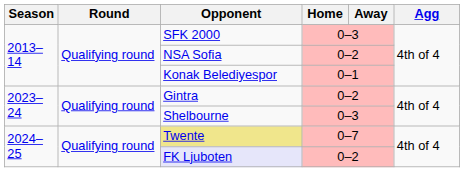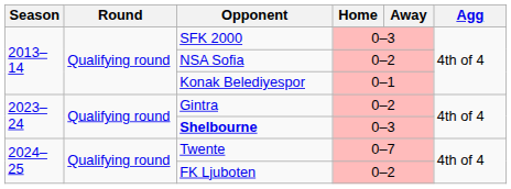 <table class="wikitable">
 <tr>
 <th width="60">Season</th>
 <th width="120">Round</th>
 <th width="170">Opponent</th>
 <th width="50">Home</th>
 <th width="50">Away</th>
 <th width="75"><a href='#'>Agg</a></th>
 </tr>
 <tr>
 <td rowspan=3><a href='#'>2013–14</a></td>
 <td rowspan="3"><a href='#'>Qualifying round</a></td>
 <td> <a href='#'>SFK 2000</a></td>
 <td colspan="2" bgcolor="#ffbbbb" style="text-align:center;">0–3</td>
 <td rowspan="3">4th of 4</td>
 </tr>
 <tr>
 <td> <a href='#'>NSA Sofia</a></td>
 <td colspan="2" bgcolor="#ffbbbb" style="text-align:center;">0–2</td>
 </tr>
 <tr>
 <td> <a href='#'>Konak Belediyespor</a></td>
 <td colspan="2" bgcolor="#ffbbbb" style="text-align:center;">0–1</td>
 </tr>
 <tr>
 <td rowspan="2"><a href='#'>2023–24</a></td>
 <td rowspan="2"><a href='#'>Qualifying round</a></td>
 <td> <a href='#'>Gintra</a></td>
 <td colspan="2" bgcolor="#ffbbbb" style="text-align:center;">0–2</td>
 <td rowspan="2">4th of 4</td>
 </tr>
 <tr>
-<td> <a href='#'>Shelbourne</a></td>
+<td><strong> <a href='#'>Shelbourne</a></strong></td>
 <td colspan="2" bgcolor="#ffbbbb" style="text-align:center;">0–3</td>
 </tr>
 <tr>
 <td rowspan="2"><a href='#'>2024–25</a></td>
 <td rowspan="2"><a href='#'>Qualifying round</a></td>
-<td style="background: khaki;"> <a href='#'>Twente</a></td>
+<td> <a href='#'>Twente</a></td>
 <td colspan="2" bgcolor="#ffbbbb" style="text-align:center;">0–7</td>
 <td rowspan="2">4th of 4</td>
 </tr>
 <tr>
-<td style="background: lavender;"> <a href='#'>FK Ljuboten</a></td>
+<td> <a href='#'>FK Ljuboten</a></td>
 <td colspan="2" bgcolor="#ffbbbb" style="text-align:center;">0–2</td>
 </tr>
 </table>
